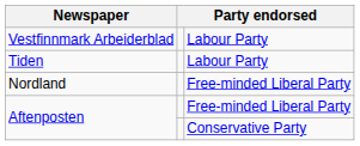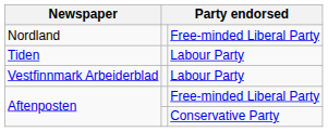 <table class="wikitable">
 <tr>
 <th>Newspaper</th>
 <th colspan=2>Party endorsed</th>
 </tr>
 <tr>
-<td><a href='#'>Vestfinnmark Arbeiderblad</a></td>
+<td>Nordland</td>
 <td style="background-color: "></td>
-<td><a href='#'>Labour Party</a></td>
+<td><a href='#'>Free-minded Liberal Party</a></td>
 </tr>
 <tr>
 <td><a href='#'>Tiden</a></td>
 <td style="background-color: "></td>
 <td><a href='#'>Labour Party</a></td>
 </tr>
 <tr>
-<td>Nordland</td>
+<td><a href='#'>Vestfinnmark Arbeiderblad</a></td>
 <td style="background-color: "></td>
-<td><a href='#'>Free-minded Liberal Party</a></td>
+<td><a href='#'>Labour Party</a></td>
 </tr>
 <tr>
 <td rowspan="2"><a href='#'>Aftenposten</a></td>
 <td style="background-color: "></td>
 <td><a href='#'>Free-minded Liberal Party</a></td>
 </tr>
 <tr>
 <td style="background-color: "></td>
 <td><a href='#'>Conservative Party</a></td>
 </tr>
 </table>
